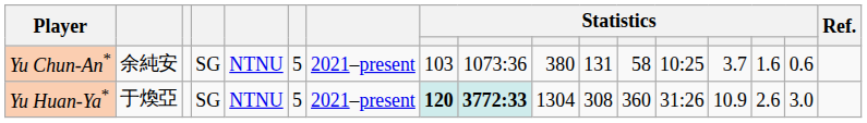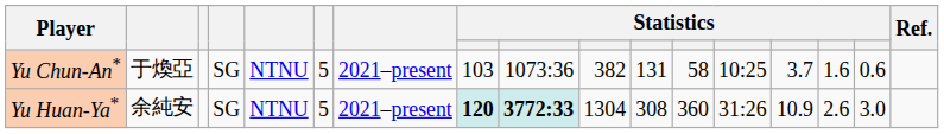 <table class="wikitable sortable" style="font-size:95%; text-align:right;">
 <tr>
 <th rowspan="2">Player</th>
 <th rowspan="2"></th>
 <th rowspan="2"></th>
 <th rowspan="2"></th>
 <th rowspan="2"></th>
 <th rowspan="2"></th>
 <th rowspan="2"></th>
 <th colspan="9">Statistics</th>
 <th rowspan="2">Ref.</th>
 </tr>
 <tr>
 <th></th>
 <th></th>
 <th></th>
 <th></th>
 <th></th>
 <th></th>
 <th></th>
 <th></th>
 <th></th>
 </tr>
 <tr>
 <td align="left" bgcolor="#FBCEB1"><em>Yu Chun-An</em><sup>*</sup></td>
-<td align="left">余純安</td>
+<td align="left">于煥亞</td>
 <td align="center"></td>
 <td align="center">SG</td>
 <td align="left"><a href='#'>NTNU</a></td>
 <td align="center">5</td>
 <td align="center"><a href='#'>2021</a>–<a href='#'>present</a></td>
 <td>103</td>
 <td>1073:36</td>
-<td>380</td>
+<td>382</td>
 <td>131</td>
 <td>58</td>
 <td>10:25</td>
 <td>3.7</td>
 <td>1.6</td>
 <td>0.6</td>
 <td align="center"></td>
 </tr>
 <tr>
 <td align="left" bgcolor="#FBCEB1"><em>Yu Huan-Ya</em><sup>*</sup></td>
-<td align="left">于煥亞</td>
+<td align="left">余純安</td>
 <td align="center"></td>
 <td align="center">SG</td>
 <td align="left"><a href='#'>NTNU</a></td>
 <td align="center">5</td>
 <td align="center"><a href='#'>2021</a>–<a href='#'>present</a></td>
 <td bgcolor="#CFECEC"><strong>120</strong></td>
 <td bgcolor="#CFECEC"><strong>3772:33</strong></td>
 <td>1304</td>
 <td>308</td>
 <td>360</td>
 <td>31:26</td>
 <td>10.9</td>
 <td>2.6</td>
 <td>3.0</td>
 <td align="center"></td>
 </tr>
 </table>
